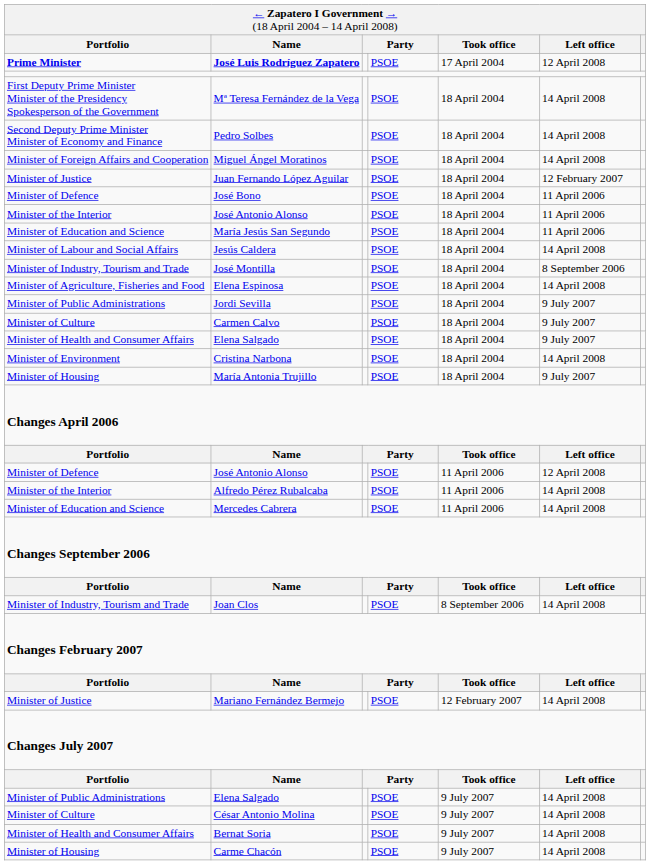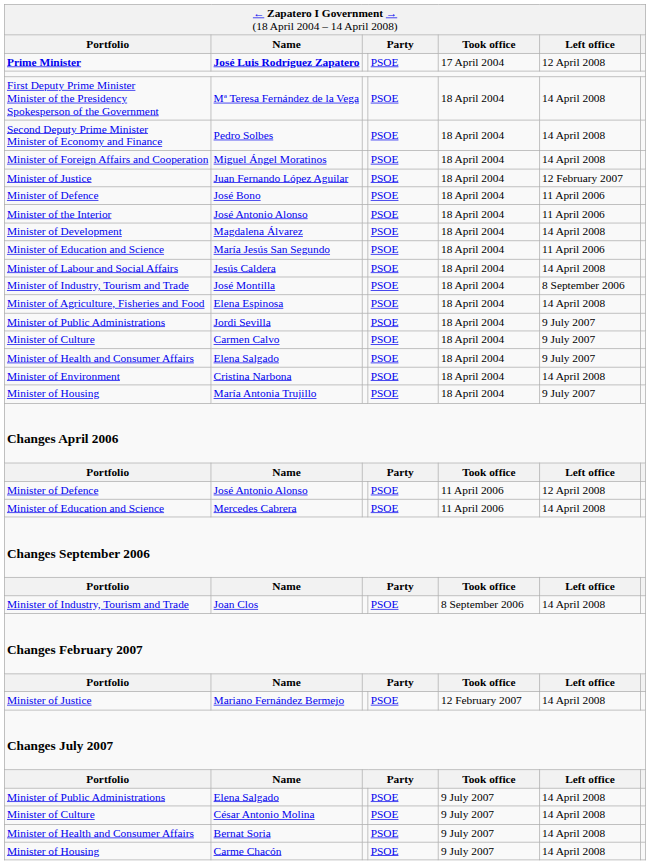 <table class="wikitable">
 <tr>
 <td colspan="7" bgcolor="#F2F2F2" align="center"><a href='#'>←</a> <strong>Zapatero I Government</strong> <a href='#'>→</a><br>(18 April 2004 – 14 April 2008)</td>
 </tr>
 <tr>
 <th>Portfolio</th>
 <th>Name</th>
 <th width="100px" colspan="2">Party</th>
 <th width="135px">Took office</th>
 <th width="135px">Left office</th>
 <th></th>
 </tr>
 <tr>
 <td><strong><a href='#'>Prime Minister</a></strong></td>
 <td><strong><a href='#'>José Luis Rodríguez Zapatero</a></strong></td>
 <td width="1" style="background-color:"></td>
 <td><a href='#'>PSOE</a></td>
 <td>17 April 2004</td>
 <td>12 April 2008</td>
 <td align="center"></td>
 </tr>
 <tr>
 <td colspan="7"></td>
 </tr>
 <tr>
 <td><a href='#'>First Deputy Prime Minister</a><br><a href='#'>Minister of the Presidency</a><br><a href='#'>Spokesperson of the Government</a></td>
 <td><a href='#'>Mª Teresa Fernández de la Vega</a></td>
 <td style="background-color:"></td>
 <td><a href='#'>PSOE</a> </td>
 <td>18 April 2004</td>
 <td>14 April 2008</td>
 <td align="center"><br><br></td>
 </tr>
 <tr>
 <td><a href='#'>Second Deputy Prime Minister</a><br><a href='#'>Minister of Economy and Finance</a></td>
 <td><a href='#'>Pedro Solbes</a></td>
 <td style="background-color:"></td>
 <td><a href='#'>PSOE</a> </td>
 <td>18 April 2004</td>
 <td>14 April 2008</td>
 <td align="center"><br></td>
 </tr>
 <tr>
 <td><a href='#'>Minister of Foreign Affairs and Cooperation</a></td>
 <td><a href='#'>Miguel Ángel Moratinos</a></td>
 <td style="background-color:"></td>
 <td><a href='#'>PSOE</a></td>
 <td>18 April 2004</td>
 <td>14 April 2008</td>
 <td align="center"></td>
 </tr>
 <tr>
 <td><a href='#'>Minister of Justice</a></td>
 <td><a href='#'>Juan Fernando López Aguilar</a></td>
 <td style="background-color:"></td>
 <td><a href='#'>PSOE</a></td>
 <td>18 April 2004</td>
 <td>12 February 2007</td>
 <td align="center"></td>
 </tr>
 <tr>
 <td><a href='#'>Minister of Defence</a></td>
 <td><a href='#'>José Bono</a></td>
 <td style="background-color:"></td>
 <td><a href='#'>PSOE</a></td>
 <td>18 April 2004</td>
 <td>11 April 2006</td>
 <td align="center"></td>
 </tr>
 <tr>
 <td><a href='#'>Minister of the Interior</a></td>
 <td><a href='#'>José Antonio Alonso</a></td>
 <td style="background-color:"></td>
 <td><a href='#'>PSOE</a> </td>
 <td>18 April 2004</td>
 <td>11 April 2006</td>
+<td align="center"></td>
+</tr>
+<tr>
+<td><a href='#'>Minister of Development</a></td>
+<td><a href='#'>Magdalena Álvarez</a></td>
+<td style="background-color:"></td>
+<td><a href='#'>PSOE</a></td>
+<td>18 April 2004</td>
+<td>14 April 2008</td>
 <td align="center"></td>
 </tr>
 <tr>
 <td><a href='#'>Minister of Education and Science</a></td>
 <td><a href='#'>María Jesús San Segundo</a></td>
 <td style="background-color:"></td>
 <td><a href='#'>PSOE</a> </td>
 <td>18 April 2004</td>
 <td>11 April 2006</td>
 <td align="center"></td>
 </tr>
 <tr>
 <td><a href='#'>Minister of Labour and Social Affairs</a></td>
 <td><a href='#'>Jesús Caldera</a></td>
 <td style="background-color:"></td>
 <td><a href='#'>PSOE</a></td>
 <td>18 April 2004</td>
 <td>14 April 2008</td>
 <td align="center"></td>
 </tr>
 <tr>
 <td><a href='#'>Minister of Industry, Tourism and Trade</a></td>
 <td><a href='#'>José Montilla</a></td>
 <td style="background-color:"></td>
 <td><a href='#'>PSOE</a> </td>
 <td>18 April 2004</td>
 <td>8 September 2006</td>
 <td align="center"></td>
 </tr>
 <tr>
 <td><a href='#'>Minister of Agriculture, Fisheries and Food</a></td>
 <td><a href='#'>Elena Espinosa</a></td>
 <td style="background-color:"></td>
 <td><a href='#'>PSOE</a></td>
 <td>18 April 2004</td>
 <td>14 April 2008</td>
 <td align="center"></td>
 </tr>
 <tr>
 <td><a href='#'>Minister of Public Administrations</a></td>
 <td><a href='#'>Jordi Sevilla</a></td>
 <td style="background-color:"></td>
 <td><a href='#'>PSOE</a></td>
 <td>18 April 2004</td>
 <td>9 July 2007</td>
 <td align="center"></td>
 </tr>
 <tr>
 <td><a href='#'>Minister of Culture</a></td>
 <td><a href='#'>Carmen Calvo</a></td>
 <td style="background-color:"></td>
 <td><a href='#'>PSOE</a></td>
 <td>18 April 2004</td>
 <td>9 July 2007</td>
 <td align="center"></td>
 </tr>
 <tr>
 <td><a href='#'>Minister of Health and Consumer Affairs</a></td>
 <td><a href='#'>Elena Salgado</a></td>
 <td style="background-color:"></td>
 <td><a href='#'>PSOE</a> </td>
 <td>18 April 2004</td>
 <td>9 July 2007</td>
 <td align="center"></td>
 </tr>
 <tr>
 <td><a href='#'>Minister of Environment</a></td>
 <td><a href='#'>Cristina Narbona</a></td>
 <td style="background-color:"></td>
 <td><a href='#'>PSOE</a></td>
 <td>18 April 2004</td>
 <td>14 April 2008</td>
 <td align="center"></td>
 </tr>
 <tr>
 <td><a href='#'>Minister of Housing</a></td>
 <td><a href='#'>María Antonia Trujillo</a></td>
 <td style="background-color:"></td>
 <td><a href='#'>PSOE</a></td>
 <td>18 April 2004</td>
 <td>9 July 2007</td>
 <td align="center"></td>
 </tr>
 <tr>
 <td colspan="7"><br><h3>Changes April 2006</h3></td>
 </tr>
 <tr>
 <th>Portfolio</th>
 <th>Name</th>
 <th colspan="2">Party</th>
 <th>Took office</th>
 <th>Left office</th>
 <th></th>
 </tr>
 <tr>
 <td><a href='#'>Minister of Defence</a></td>
 <td><a href='#'>José Antonio Alonso</a></td>
 <td style="background-color:"></td>
 <td><a href='#'>PSOE</a> </td>
 <td>11 April 2006</td>
 <td>12 April 2008</td>
 <td align="center"></td>
 </tr>
 <tr>
-<td><a href='#'>Minister of the Interior</a></td>
-<td><a href='#'>Alfredo Pérez Rubalcaba</a></td>
-<td style="background-color:"></td>
-<td><a href='#'>PSOE</a></td>
-<td>11 April 2006</td>
-<td>14 April 2008</td>
-<td align="center"></td>
-</tr>
-<tr>
 <td><a href='#'>Minister of Education and Science</a></td>
 <td><a href='#'>Mercedes Cabrera</a></td>
 <td style="background-color:"></td>
 <td><a href='#'>PSOE</a> </td>
 <td>11 April 2006</td>
 <td>14 April 2008</td>
 <td align="center"></td>
 </tr>
 <tr>
 <td colspan="7"><br><h3>Changes September 2006</h3></td>
 </tr>
 <tr>
 <th>Portfolio</th>
 <th>Name</th>
 <th colspan="2">Party</th>
 <th>Took office</th>
 <th>Left office</th>
 <th></th>
 </tr>
 <tr>
 <td><a href='#'>Minister of Industry, Tourism and Trade</a></td>
 <td><a href='#'>Joan Clos</a></td>
 <td style="background-color:"></td>
 <td><a href='#'>PSOE</a> </td>
 <td>8 September 2006</td>
 <td>14 April 2008</td>
 <td align="center"></td>
 </tr>
 <tr>
 <td colspan="7"><br><h3>Changes February 2007</h3></td>
 </tr>
 <tr>
 <th>Portfolio</th>
 <th>Name</th>
 <th colspan="2">Party</th>
 <th>Took office</th>
 <th>Left office</th>
 <th></th>
 </tr>
 <tr>
 <td><a href='#'>Minister of Justice</a></td>
 <td><a href='#'>Mariano Fernández Bermejo</a></td>
 <td style="background-color:"></td>
 <td><a href='#'>PSOE</a> </td>
 <td>12 February 2007</td>
 <td>14 April 2008</td>
 <td align="center"></td>
 </tr>
 <tr>
 <td colspan="7"><br><h3>Changes July 2007</h3></td>
 </tr>
 <tr>
 <th>Portfolio</th>
 <th>Name</th>
 <th colspan="2">Party</th>
 <th>Took office</th>
 <th>Left office</th>
 <th></th>
 </tr>
 <tr>
 <td><a href='#'>Minister of Public Administrations</a></td>
 <td><a href='#'>Elena Salgado</a></td>
 <td style="background-color:"></td>
 <td><a href='#'>PSOE</a> </td>
 <td>9 July 2007</td>
 <td>14 April 2008</td>
 <td align="center"></td>
 </tr>
 <tr>
 <td><a href='#'>Minister of Culture</a></td>
 <td><a href='#'>César Antonio Molina</a></td>
 <td style="background-color:"></td>
 <td><a href='#'>PSOE</a> </td>
 <td>9 July 2007</td>
 <td>14 April 2008</td>
 <td align="center"></td>
 </tr>
 <tr>
 <td><a href='#'>Minister of Health and Consumer Affairs</a></td>
 <td><a href='#'>Bernat Soria</a></td>
 <td style="background-color:"></td>
 <td><a href='#'>PSOE</a> </td>
 <td>9 July 2007</td>
 <td>14 April 2008</td>
 <td align="center"></td>
 </tr>
 <tr>
 <td><a href='#'>Minister of Housing</a></td>
 <td><a href='#'>Carme Chacón</a></td>
 <td style="background-color:"></td>
 <td><a href='#'>PSOE</a> </td>
 <td>9 July 2007</td>
 <td>14 April 2008</td>
 <td align="center"></td>
 </tr>
 </table>
